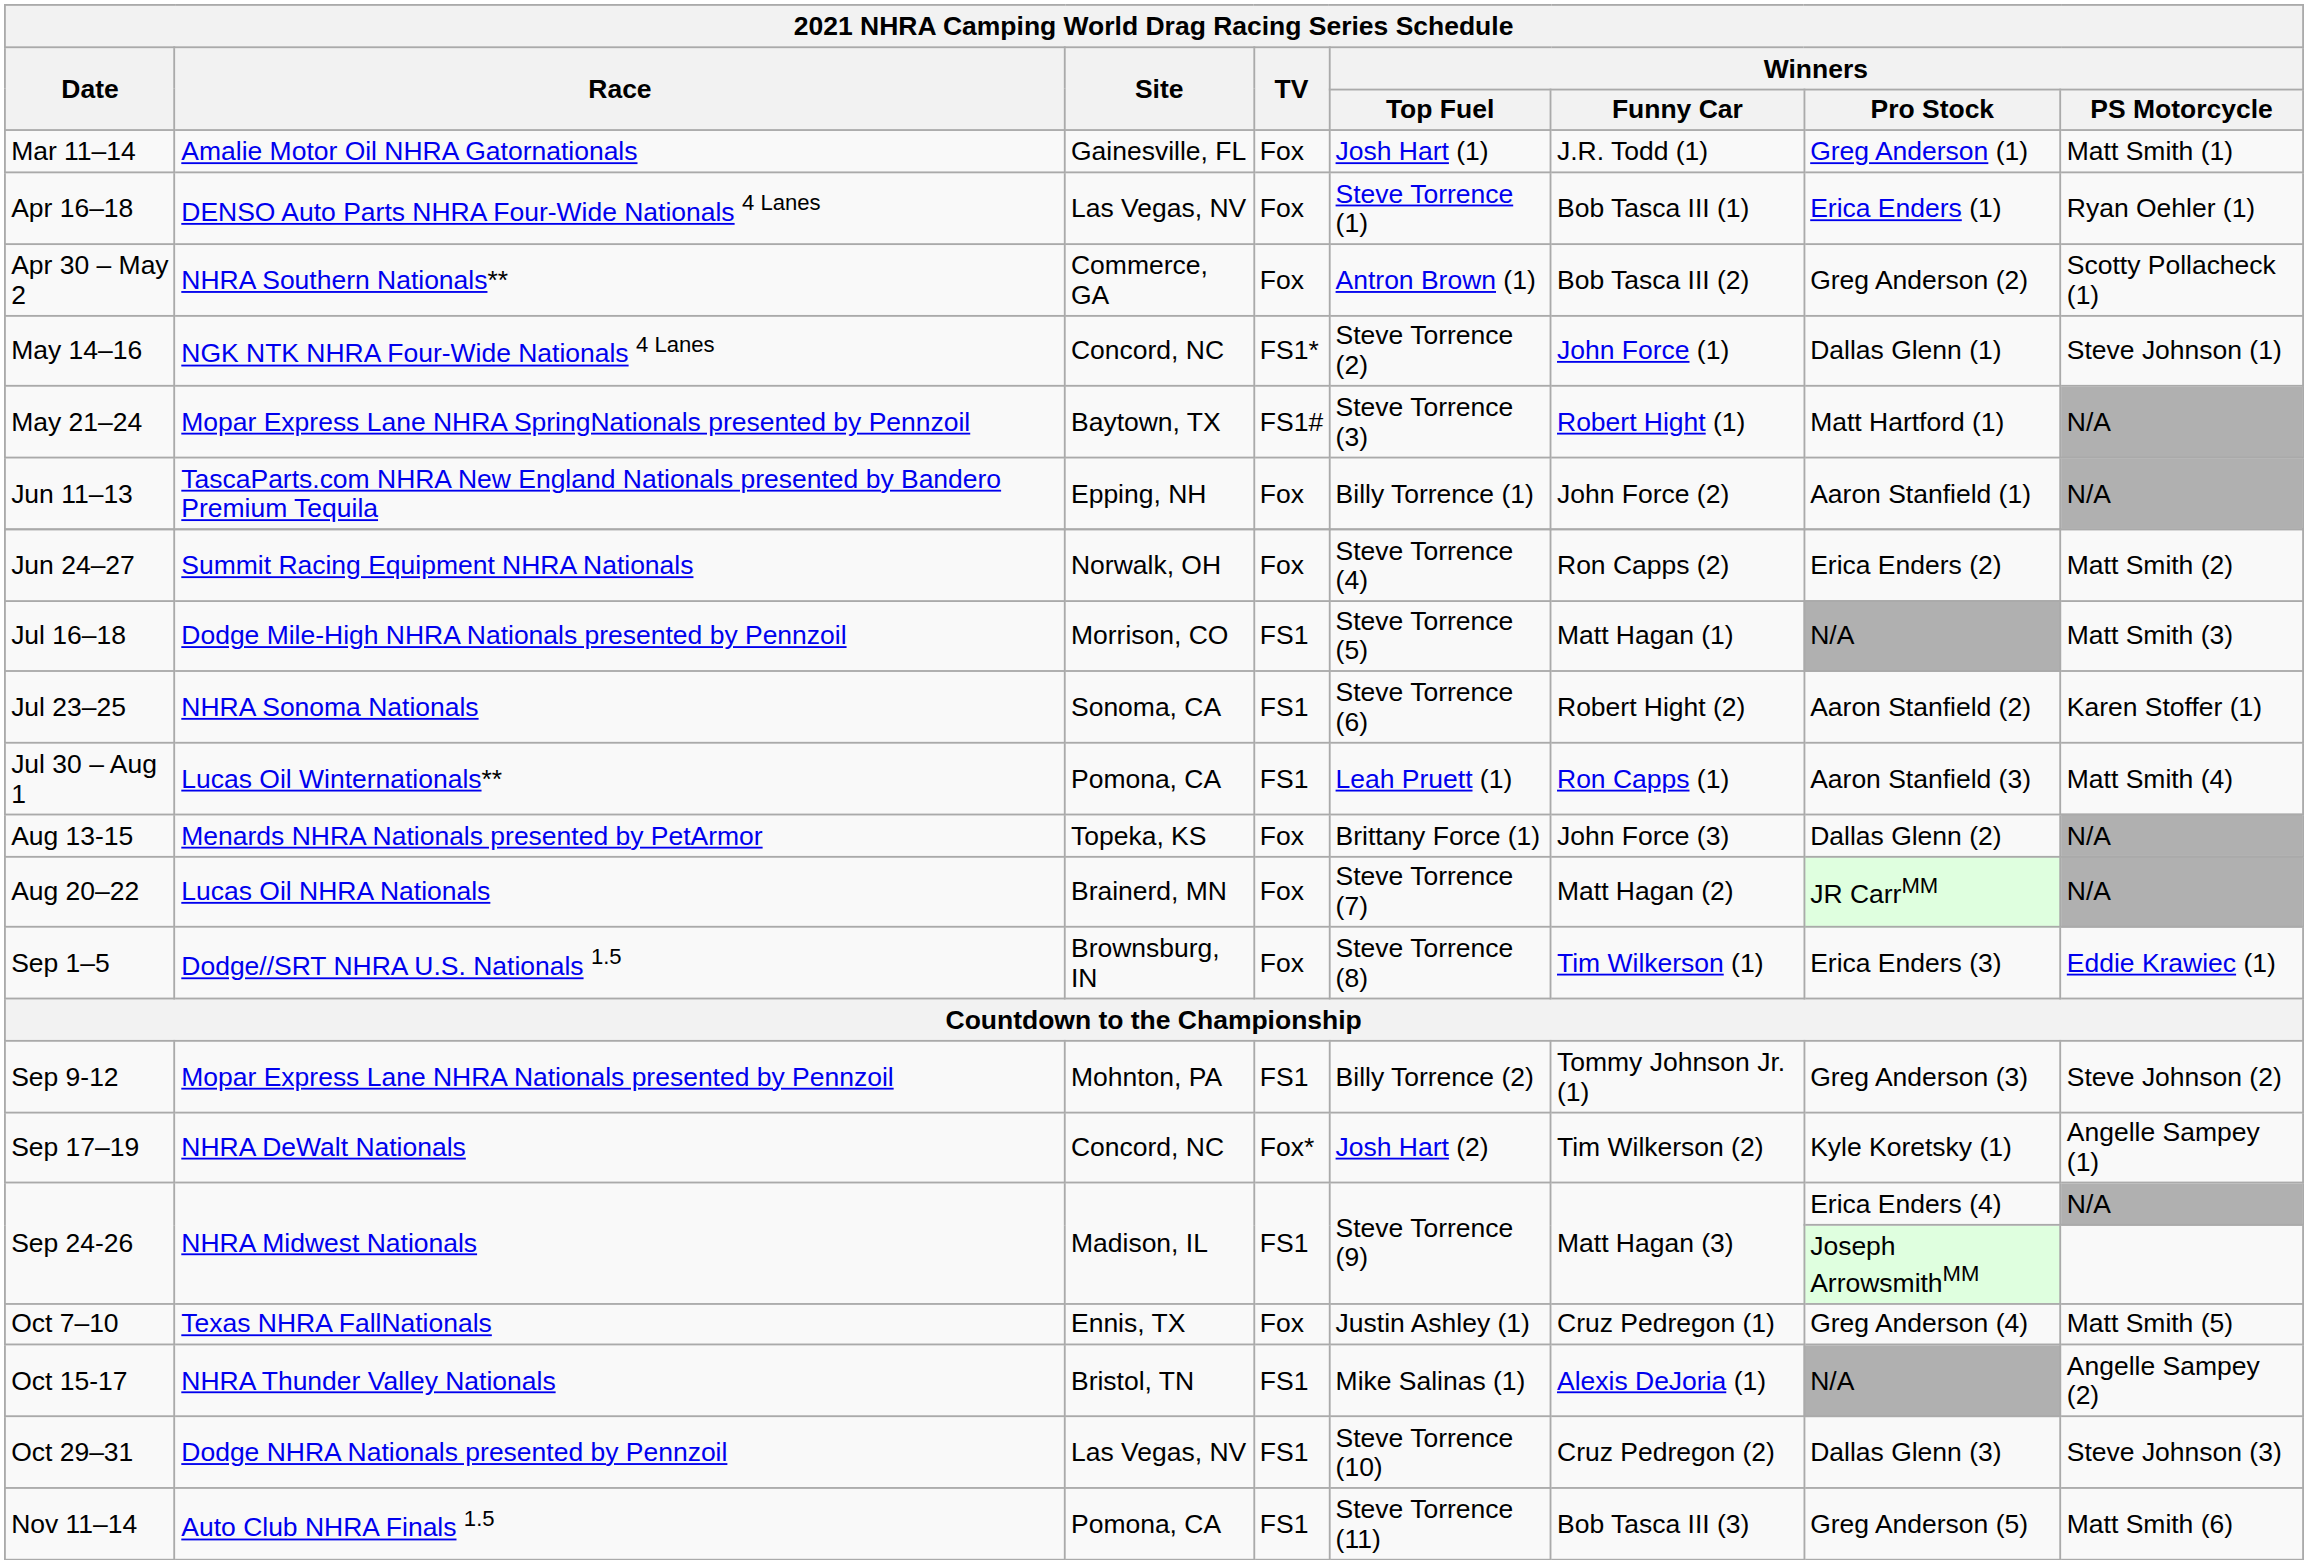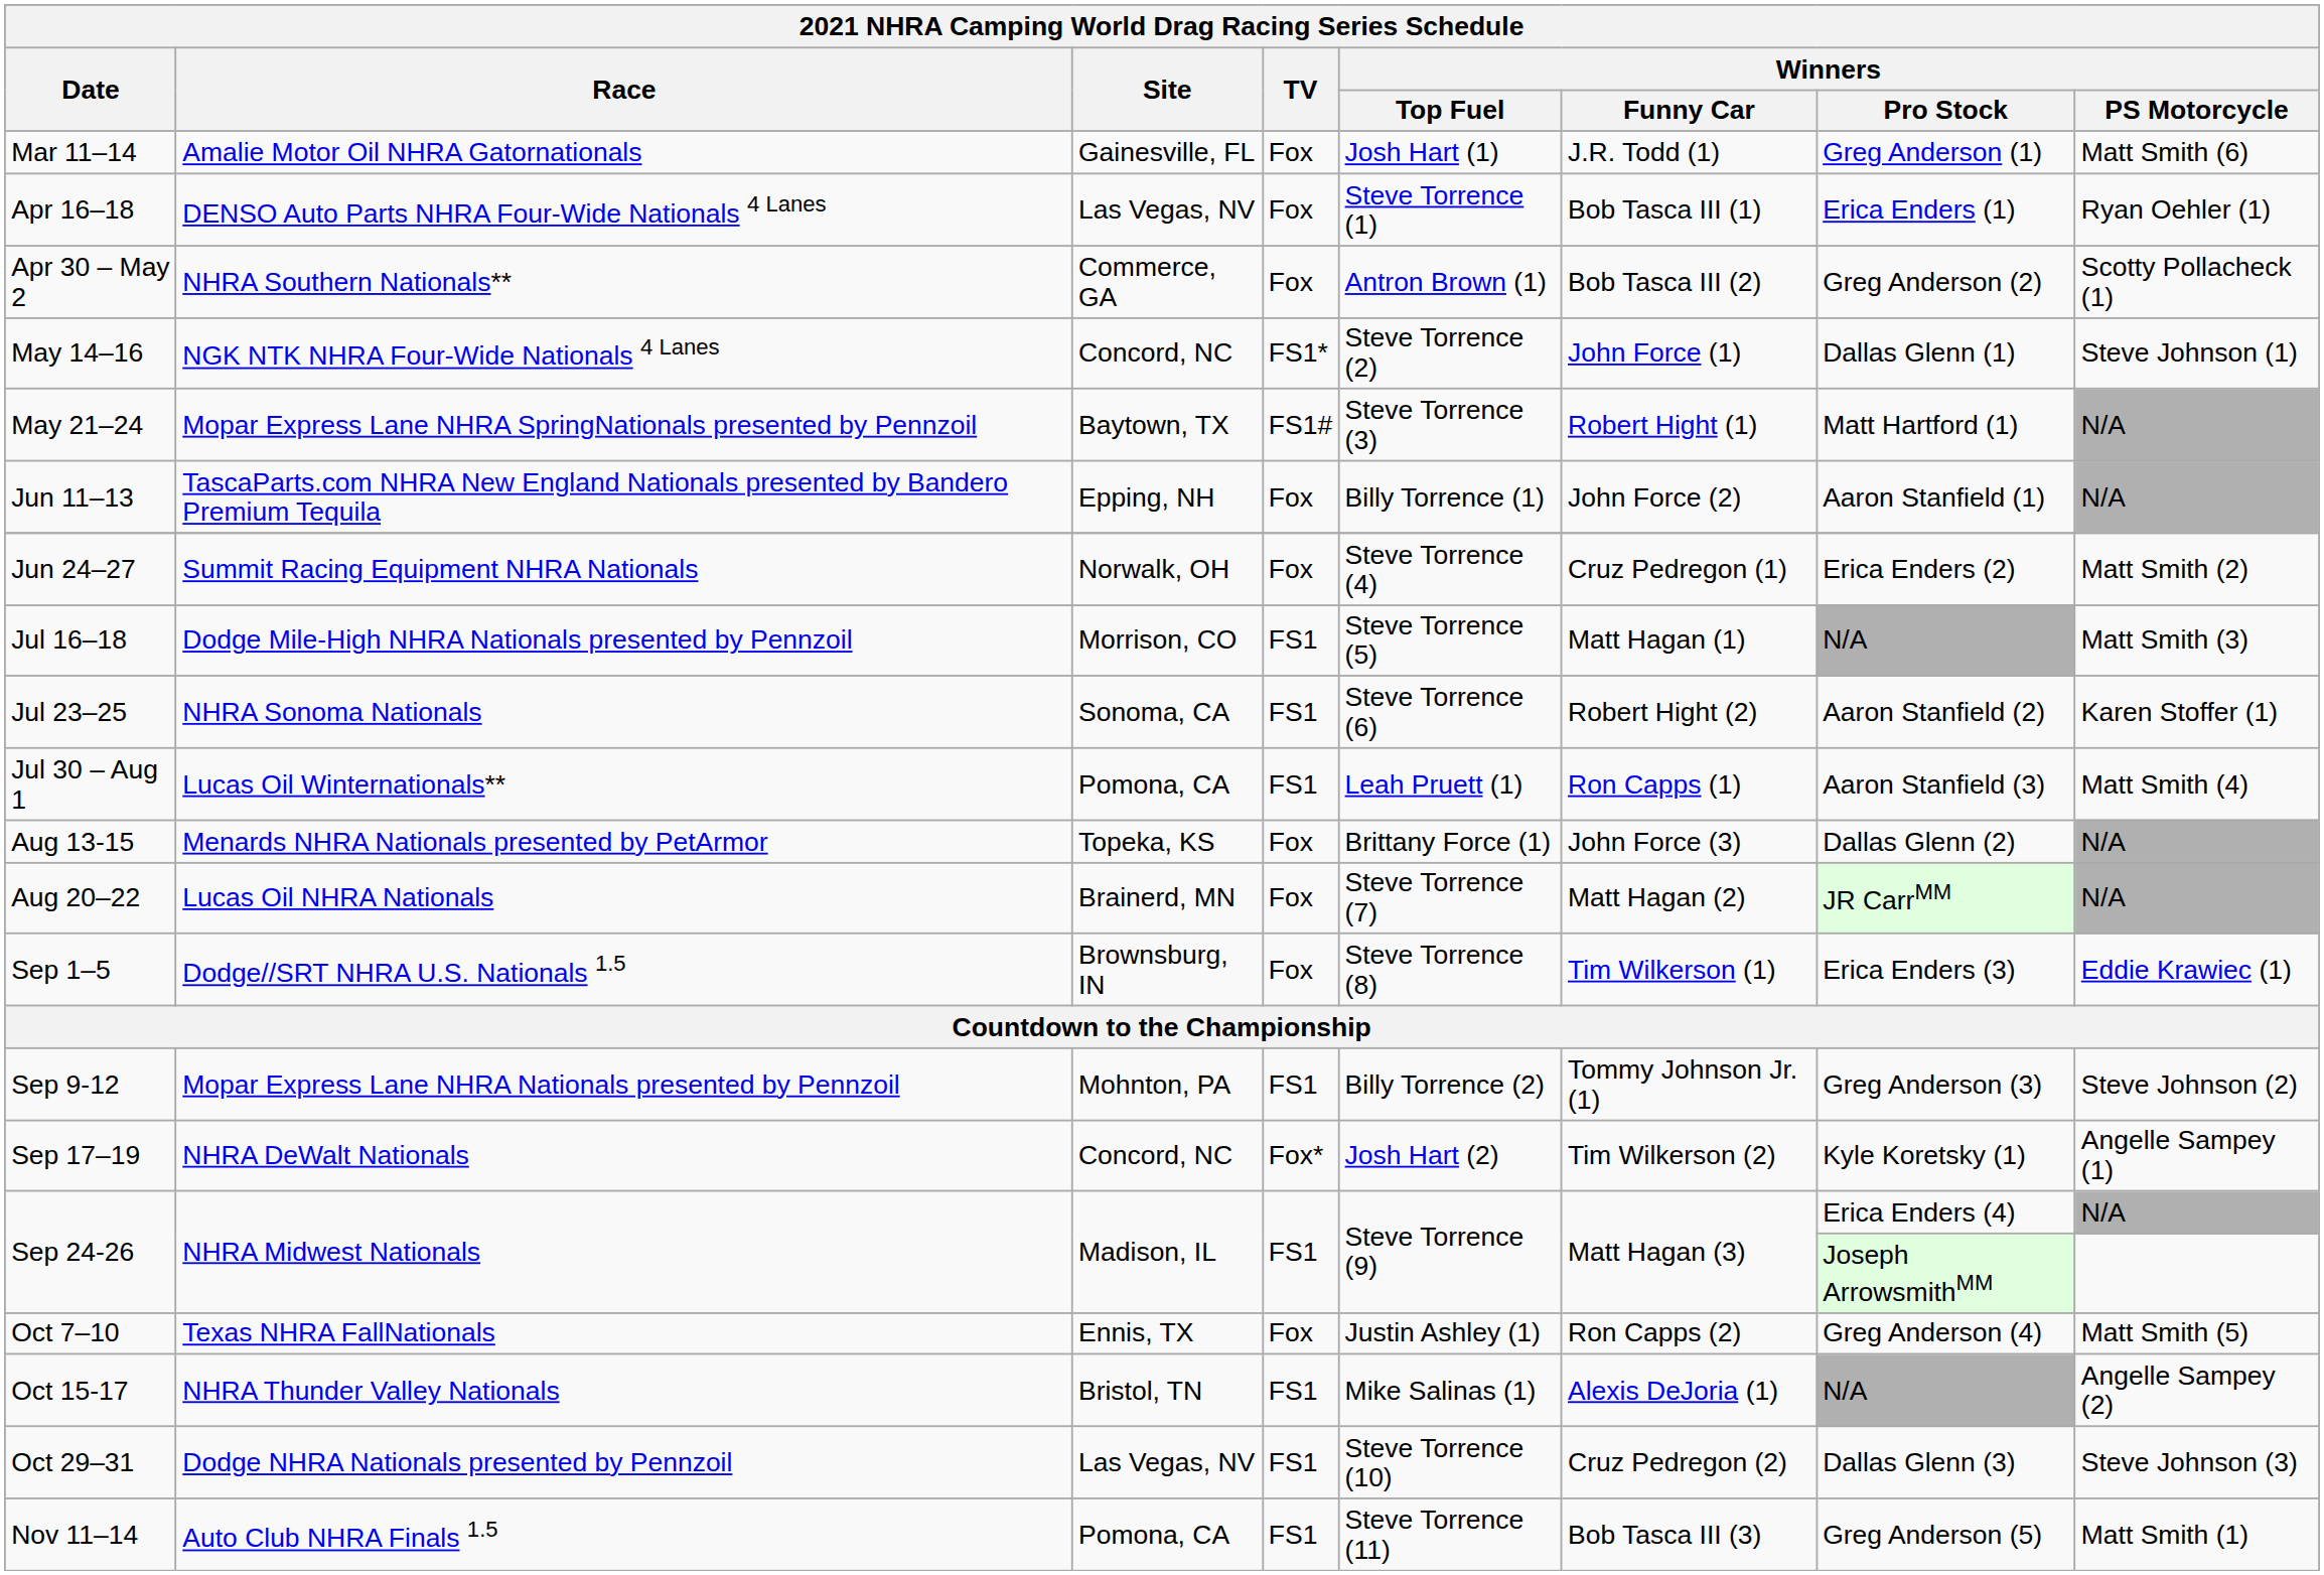 <table class="wikitable" style="font-size:90%;">
 <tr>
 <th colspan="8">2021 NHRA Camping World Drag Racing Series Schedule</th>
 </tr>
 <tr>
 <th rowspan="2">Date</th>
 <th rowspan="2">Race</th>
 <th rowspan="2">Site</th>
 <th rowspan="2">TV</th>
 <th colspan="4">Winners</th>
 </tr>
 <tr>
 <th>Top Fuel</th>
 <th>Funny Car</th>
 <th>Pro Stock</th>
 <th>PS Motorcycle</th>
 </tr>
 <tr>
 <td>Mar 11–14</td>
 <td><a href='#'>Amalie Motor Oil NHRA Gatornationals</a></td>
 <td>Gainesville, FL</td>
 <td>Fox</td>
 <td><a href='#'>Josh Hart</a> (1)</td>
 <td>J.R. Todd (1)</td>
 <td><a href='#'>Greg Anderson</a> (1)</td>
-<td>Matt Smith (1)</td>
+<td>Matt Smith (6)</td>
 </tr>
 <tr>
 <td>Apr 16–18</td>
 <td><a href='#'>DENSO Auto Parts NHRA Four-Wide Nationals</a> <sup>4 Lanes</sup></td>
 <td>Las Vegas, NV</td>
 <td>Fox</td>
 <td><a href='#'>Steve Torrence</a> (1)</td>
 <td>Bob Tasca III (1)</td>
 <td><a href='#'>Erica Enders</a> (1)</td>
 <td>Ryan Oehler (1)</td>
 </tr>
 <tr>
 <td>Apr 30 – May 2</td>
 <td><a href='#'>NHRA Southern Nationals</a>**</td>
 <td>Commerce, GA</td>
 <td>Fox</td>
 <td><a href='#'>Antron Brown</a> (1)</td>
 <td>Bob Tasca III (2)</td>
 <td>Greg Anderson (2)</td>
 <td>Scotty Pollacheck (1)</td>
 </tr>
 <tr>
 <td>May 14–16</td>
 <td><a href='#'>NGK NTK NHRA Four-Wide Nationals</a> <sup>4 Lanes</sup></td>
 <td>Concord, NC</td>
 <td>FS1*</td>
 <td>Steve Torrence (2)</td>
 <td><a href='#'>John Force</a> (1)</td>
 <td>Dallas Glenn (1)</td>
 <td>Steve Johnson (1)</td>
 </tr>
 <tr>
 <td>May 21–24</td>
 <td><a href='#'>Mopar Express Lane NHRA SpringNationals presented by Pennzoil</a></td>
 <td>Baytown, TX</td>
 <td>FS1#</td>
 <td>Steve Torrence (3)</td>
 <td><a href='#'>Robert Hight</a> (1)</td>
 <td>Matt Hartford (1)</td>
 <td style="background:#b0b0b0;">N/A</td>
 </tr>
 <tr>
 <td>Jun 11–13</td>
 <td><a href='#'>TascaParts.com NHRA New England Nationals presented by Bandero Premium Tequila</a></td>
 <td>Epping, NH</td>
 <td>Fox</td>
 <td>Billy Torrence (1)</td>
 <td>John Force (2)</td>
 <td>Aaron Stanfield (1)</td>
 <td style="background:#b0b0b0;">N/A</td>
 </tr>
 <tr>
 </tr>
 <tr>
 <td>Jun 24–27</td>
 <td><a href='#'>Summit Racing Equipment NHRA Nationals</a></td>
 <td>Norwalk, OH</td>
 <td>Fox</td>
 <td>Steve Torrence (4)</td>
-<td>Ron Capps (2)</td>
+<td>Cruz Pedregon (1)</td>
 <td>Erica Enders (2)</td>
 <td>Matt Smith (2)</td>
 </tr>
 <tr>
 <td>Jul 16–18</td>
 <td><a href='#'>Dodge Mile-High NHRA Nationals presented by Pennzoil</a></td>
 <td>Morrison, CO</td>
 <td>FS1</td>
 <td>Steve Torrence (5)</td>
 <td>Matt Hagan (1)</td>
 <td style="background:#b0b0b0;">N/A</td>
 <td>Matt Smith (3)</td>
 </tr>
 <tr>
 <td>Jul 23–25</td>
 <td><a href='#'>NHRA Sonoma Nationals</a></td>
 <td>Sonoma, CA</td>
 <td>FS1</td>
 <td>Steve Torrence (6)</td>
 <td>Robert Hight (2)</td>
 <td>Aaron Stanfield (2)</td>
 <td>Karen Stoffer (1)</td>
 </tr>
 <tr>
 <td>Jul 30 – Aug 1</td>
 <td><a href='#'>Lucas Oil Winternationals</a>**</td>
 <td>Pomona, CA</td>
 <td>FS1</td>
 <td><a href='#'>Leah Pruett</a> (1)</td>
 <td><a href='#'>Ron Capps</a> (1)</td>
 <td>Aaron Stanfield (3)</td>
 <td>Matt Smith (4)</td>
 </tr>
 <tr>
 <td>Aug 13-15</td>
 <td><a href='#'>Menards NHRA Nationals presented by PetArmor</a></td>
 <td>Topeka, KS</td>
 <td>Fox</td>
 <td>Brittany Force (1)</td>
 <td>John Force (3)</td>
 <td>Dallas Glenn (2)</td>
 <td style="background:#b0b0b0;">N/A</td>
 </tr>
 <tr>
 <td>Aug 20–22</td>
 <td><a href='#'>Lucas Oil NHRA Nationals</a></td>
 <td>Brainerd, MN</td>
 <td>Fox</td>
 <td>Steve Torrence (7)</td>
 <td>Matt Hagan (2)</td>
 <td style="background:#DFFFDF;">JR Carr<sup>MM</sup></td>
 <td style="background:#b0b0b0;">N/A</td>
 </tr>
 <tr>
 <td>Sep 1–5</td>
 <td><a href='#'>Dodge//SRT NHRA U.S. Nationals</a> <sup>1.5</sup></td>
 <td>Brownsburg, IN</td>
 <td>Fox</td>
 <td>Steve Torrence (8)</td>
 <td><a href='#'>Tim Wilkerson</a> (1)</td>
 <td>Erica Enders (3)</td>
 <td><a href='#'>Eddie Krawiec</a> (1)</td>
 </tr>
 <tr>
 <th colspan="10">Countdown to the Championship</th>
 </tr>
 <tr>
 <td>Sep 9-12</td>
 <td><a href='#'>Mopar Express Lane NHRA Nationals presented by Pennzoil</a></td>
 <td>Mohnton, PA</td>
 <td>FS1</td>
 <td>Billy Torrence (2)</td>
 <td>Tommy Johnson Jr. (1)</td>
 <td>Greg Anderson (3)</td>
 <td>Steve Johnson (2)</td>
 </tr>
 <tr>
 <td>Sep 17–19</td>
 <td><a href='#'>NHRA DeWalt Nationals</a></td>
 <td>Concord, NC</td>
 <td>Fox*</td>
 <td><a href='#'>Josh Hart</a> (2)</td>
 <td>Tim Wilkerson (2)</td>
 <td>Kyle Koretsky (1)</td>
 <td>Angelle Sampey (1)</td>
 </tr>
 <tr>
 <td rowspan=2>Sep 24-26</td>
 <td rowspan=2><a href='#'>NHRA Midwest Nationals</a></td>
 <td rowspan=2>Madison, IL</td>
 <td rowspan=2>FS1</td>
 <td rowspan=2>Steve Torrence (9)</td>
 <td rowspan=2>Matt Hagan (3)</td>
 <td>Erica Enders (4)</td>
 <td style="background:#b0b0b0;">N/A</td>
 </tr>
 <tr>
 <td style="background:#DFFFDF;">Joseph Arrowsmith<sup>MM</sup></td>
 </tr>
 <tr>
 <td>Oct 7–10</td>
 <td><a href='#'>Texas NHRA FallNationals</a></td>
 <td>Ennis, TX</td>
 <td>Fox</td>
 <td>Justin Ashley (1)</td>
-<td>Cruz Pedregon (1)</td>
+<td>Ron Capps (2)</td>
 <td>Greg Anderson (4)</td>
 <td>Matt Smith (5)</td>
 </tr>
 <tr>
 <td>Oct 15-17</td>
 <td><a href='#'>NHRA Thunder Valley Nationals</a></td>
 <td>Bristol, TN</td>
 <td>FS1</td>
 <td>Mike Salinas (1)</td>
 <td><a href='#'>Alexis DeJoria</a> (1)</td>
 <td style="background:#b0b0b0;">N/A</td>
 <td>Angelle Sampey (2)</td>
 </tr>
 <tr>
 <td>Oct 29–31</td>
 <td><a href='#'>Dodge NHRA Nationals presented by Pennzoil</a></td>
 <td>Las Vegas, NV</td>
 <td>FS1</td>
 <td>Steve Torrence (10)</td>
 <td>Cruz Pedregon (2)</td>
 <td>Dallas Glenn (3)</td>
 <td>Steve Johnson (3)</td>
 </tr>
 <tr>
 <td>Nov 11–14</td>
 <td><a href='#'>Auto Club NHRA Finals</a> <sup>1.5</sup></td>
 <td>Pomona, CA</td>
 <td>FS1</td>
 <td>Steve Torrence (11)</td>
 <td>Bob Tasca III (3)</td>
 <td>Greg Anderson (5)</td>
-<td>Matt Smith (6)</td>
+<td>Matt Smith (1)</td>
 </tr>
 </table>
